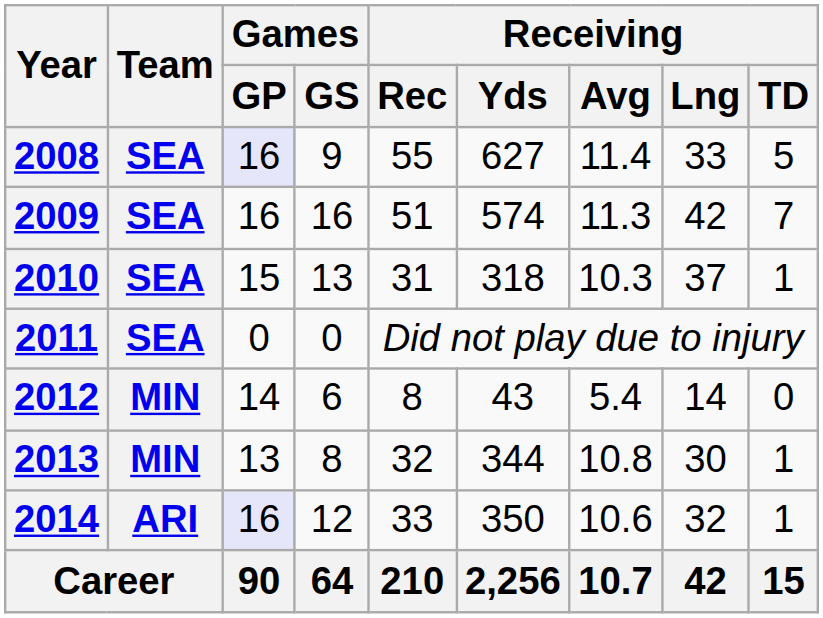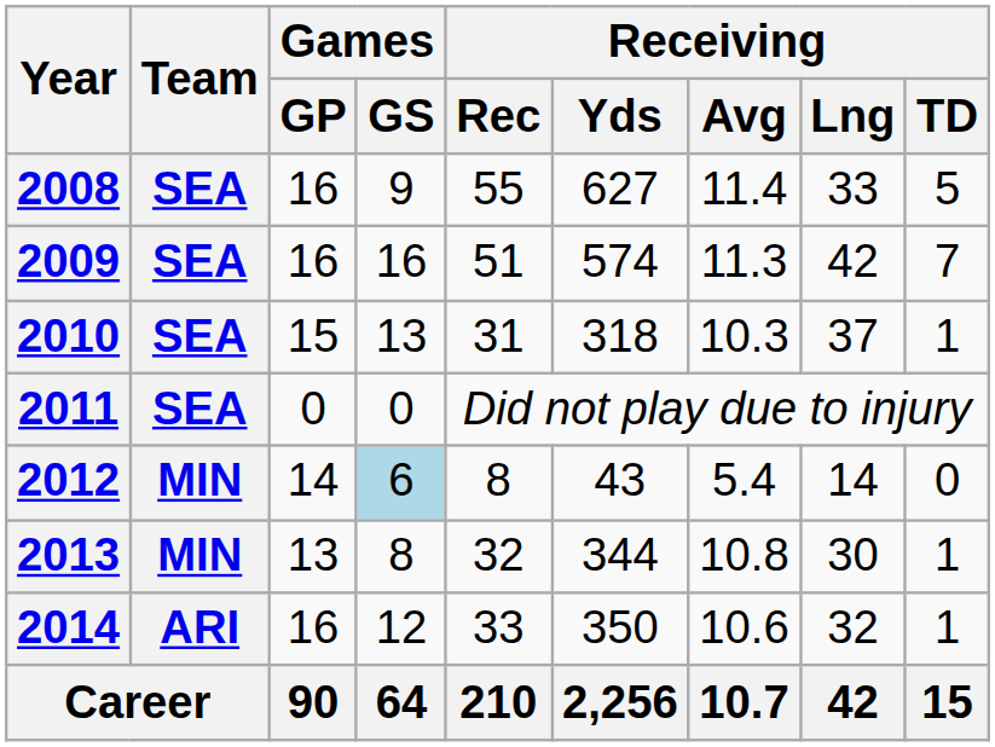 <table class="wikitable" style="text-align: center;">
 <tr>
 <th rowspan="2">Year</th>
 <th rowspan="2">Team</th>
 <th colspan="2">Games</th>
 <th colspan="5">Receiving</th>
 </tr>
 <tr>
 <th>GP</th>
 <th>GS</th>
 <th>Rec</th>
 <th>Yds</th>
 <th>Avg</th>
 <th>Lng</th>
 <th>TD</th>
 </tr>
 <tr>
 <th><a href='#'>2008</a></th>
 <th><a href='#'>SEA</a></th>
-<td style="background: lavender;">16</td>
+<td>16</td>
 <td>9</td>
 <td>55</td>
 <td>627</td>
 <td>11.4</td>
 <td>33</td>
 <td>5</td>
 </tr>
 <tr>
 <th><a href='#'>2009</a></th>
 <th><a href='#'>SEA</a></th>
 <td>16</td>
 <td>16</td>
 <td>51</td>
 <td>574</td>
 <td>11.3</td>
 <td>42</td>
 <td>7</td>
 </tr>
 <tr>
 <th><a href='#'>2010</a></th>
 <th><a href='#'>SEA</a></th>
 <td>15</td>
 <td>13</td>
 <td>31</td>
 <td>318</td>
 <td>10.3</td>
 <td>37</td>
 <td>1</td>
 </tr>
 <tr>
 <th><a href='#'>2011</a></th>
 <th><a href='#'>SEA</a></th>
 <td>0</td>
 <td>0</td>
 <td colspan="5"><em>Did not play due to injury</em></td>
 </tr>
 <tr>
 <th><a href='#'>2012</a></th>
 <th><a href='#'>MIN</a></th>
 <td>14</td>
-<td>6</td>
+<td style="background: lightblue;">6</td>
 <td>8</td>
 <td>43</td>
 <td>5.4</td>
 <td>14</td>
 <td>0</td>
 </tr>
 <tr>
 <th><a href='#'>2013</a></th>
 <th><a href='#'>MIN</a></th>
 <td>13</td>
 <td>8</td>
 <td>32</td>
 <td>344</td>
 <td>10.8</td>
 <td>30</td>
 <td>1</td>
 </tr>
 <tr>
 <th><a href='#'>2014</a></th>
 <th><a href='#'>ARI</a></th>
-<td style="background: lavender;">16</td>
+<td>16</td>
 <td>12</td>
 <td>33</td>
 <td>350</td>
 <td>10.6</td>
 <td>32</td>
 <td>1</td>
 </tr>
 <tr>
 <th colspan="2">Career</th>
 <th>90</th>
 <th>64</th>
 <th>210</th>
 <th>2,256</th>
 <th>10.7</th>
 <th>42</th>
 <th>15</th>
 </tr>
 </table>
